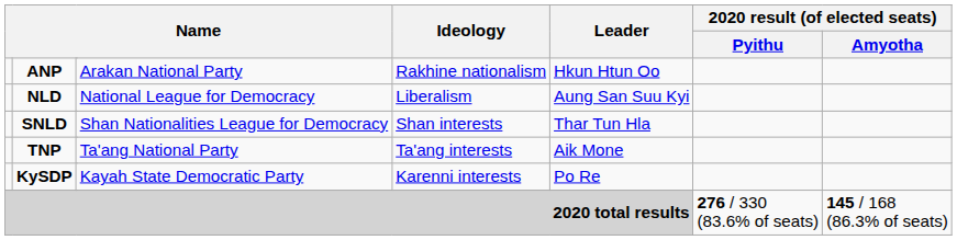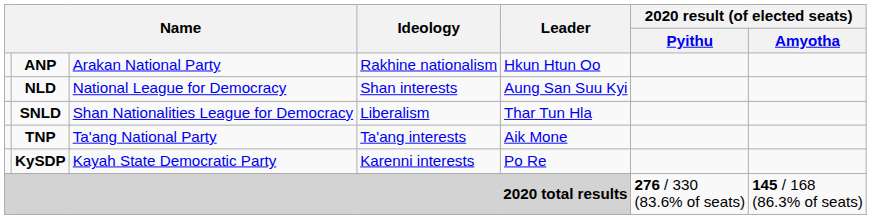 <table class="wikitable">
 <tr>
 <th colspan="4" rowspan="2">Name</th>
 <th rowspan="2">Ideology</th>
 <th rowspan="2">Leader</th>
 <th colspan="2">2020 result (of elected seats)</th>
 </tr>
 <tr>
 <th><a href='#'>Pyithu</a></th>
 <th><a href='#'>Amyotha</a></th>
 </tr>
 <tr>
 <td style="background:"></td>
 <td colspan="2" style="text-align:center;"><strong>ANP</strong></td>
 <td><a href='#'>Arakan National Party</a><br></td>
 <td><a href='#'>Rakhine nationalism</a></td>
 <td><a href='#'>Hkun Htun Oo</a></td>
 <td></td>
 <td></td>
 </tr>
 <tr>
 <td style="background:"></td>
 <td colspan="2" style="text-align:center;"><strong>NLD</strong></td>
 <td><a href='#'>National League for Democracy</a><br></td>
-<td><a href='#'>Liberalism</a></td>
+<td><a href='#'>Shan interests</a></td>
 <td><a href='#'>Aung San Suu Kyi</a></td>
 <td></td>
 <td></td>
 </tr>
 <tr>
 <td style="background:"></td>
 <td colspan="2" style="text-align:center;"><strong>SNLD</strong></td>
 <td><a href='#'>Shan Nationalities League for Democracy</a><br></td>
-<td><a href='#'>Shan interests</a></td>
+<td><a href='#'>Liberalism</a></td>
 <td><a href='#'>Thar Tun Hla</a></td>
 <td></td>
 <td></td>
 </tr>
 <tr>
 <td style="background:"></td>
 <td colspan="2" style="text-align:center;"><strong>TNP</strong></td>
 <td><a href='#'>Ta'ang National Party</a><br></td>
 <td><a href='#'>Ta'ang interests</a></td>
 <td><a href='#'>Aik Mone</a></td>
 <td></td>
 <td></td>
 </tr>
 <tr>
 <td style="background:"></td>
 <td colspan="2" style="text-align:center;"><strong>KySDP</strong></td>
 <td><a href='#'>Kayah State Democratic Party</a><br></td>
 <td><a href='#'>Karenni interests</a></td>
 <td><a href='#'>Po Re</a></td>
 <td></td>
 <td></td>
 </tr>
 <tr>
 <td style="text-align:right; background:#d3d3d3" colspan=6><strong>2020 total results</strong></td>
 <td><strong>276</strong> / 330<br>(83.6% of seats)</td>
 <td><strong>145</strong> / 168<br>(86.3% of seats)</td>
 </tr>
 </table>
